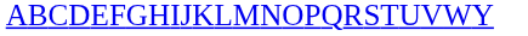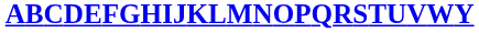 <table id="toc" class="toc" summary="Class">
 <tr>
 <th></th>
 </tr>
 <tr>
-<td style="text-align:center;"><a href='#'>A</a><a href='#'>B</a><a href='#'>C</a><a href='#'>D</a><a href='#'>E</a><a href='#'>F</a><a href='#'>G</a><a href='#'>H</a><a href='#'>I</a><a href='#'>J</a><a href='#'>K</a><a href='#'>L</a><a href='#'>M</a><a href='#'>N</a><a href='#'>O</a><a href='#'>P</a><a href='#'>Q</a><a href='#'>R</a><a href='#'>S</a><a href='#'>T</a><a href='#'>U</a><a href='#'>V</a><a href='#'>W</a><a href='#'>Y</a></td>
+<td style="text-align:center;"><strong><a href='#'>A</a><a href='#'>B</a><a href='#'>C</a><a href='#'>D</a><a href='#'>E</a><a href='#'>F</a><a href='#'>G</a><a href='#'>H</a><a href='#'>I</a><a href='#'>J</a><a href='#'>K</a><a href='#'>L</a><a href='#'>M</a><a href='#'>N</a><a href='#'>O</a><a href='#'>P</a><a href='#'>Q</a><a href='#'>R</a><a href='#'>S</a><a href='#'>T</a><a href='#'>U</a><a href='#'>V</a><a href='#'>W</a><a href='#'>Y</a></strong></td>
 </tr>
 </table>
